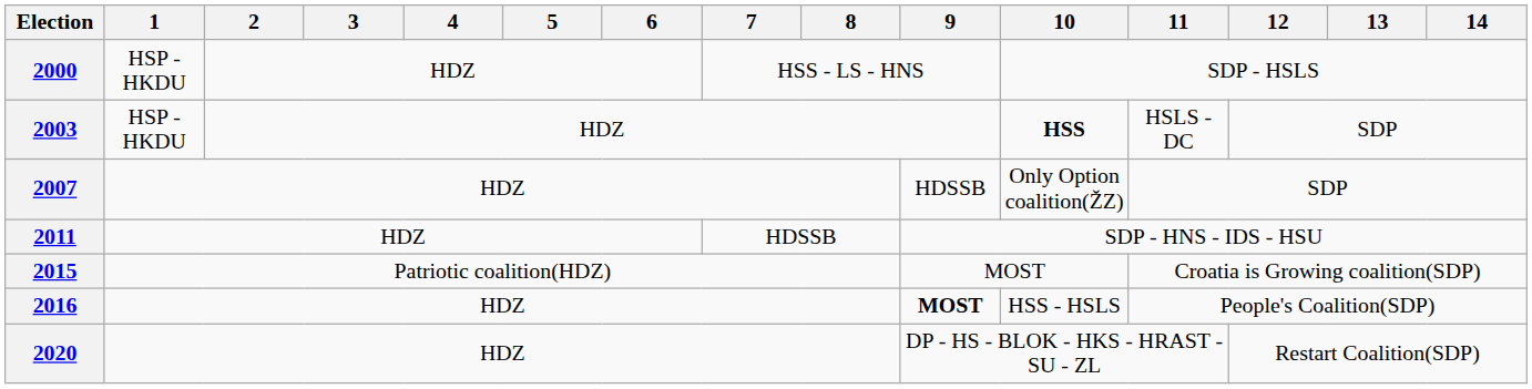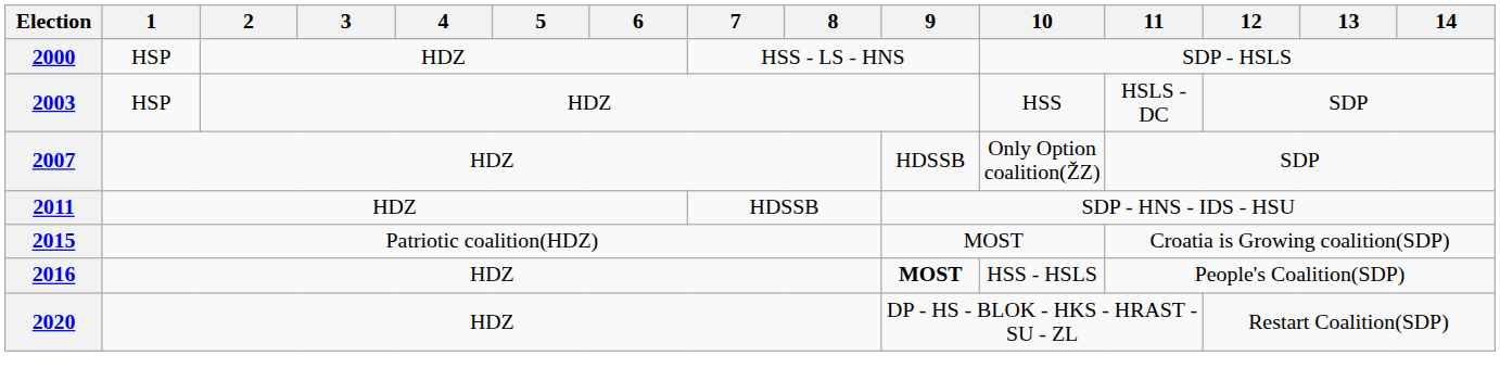 <table class=wikitable style="text-align: center;">
 <tr>
 <th style="width: 65px;">Election</th>
 <th style="width: 65px;">1</th>
 <th style="width: 65px;">2</th>
 <th style="width: 65px;">3</th>
 <th style="width: 65px;">4</th>
 <th style="width: 65px;">5</th>
 <th style="width: 65px;">6</th>
 <th style="width: 65px;">7</th>
 <th style="width: 65px;">8</th>
 <th style="width: 65px;">9</th>
 <th style="width: 65px;">10</th>
 <th style="width: 65px;">11</th>
 <th style="width: 65px;">12</th>
 <th style="width: 65px;">13</th>
 <th style="width: 65px;">14</th>
 </tr>
 <tr>
 <th><a href='#'>2000</a></th>
-<td style="background:">HSP - HKDU</td>
+<td style="background:">HSP</td>
 <td colspan=5 style="background:">HDZ</td>
 <td colspan=3 style="background:">HSS - LS - HNS</td>
 <td colspan=5 style="background:">SDP - HSLS</td>
 </tr>
 <tr>
 <th><a href='#'>2003</a></th>
-<td style="background:">HSP - HKDU</td>
+<td style="background:">HSP</td>
 <td colspan=8 style="background:">HDZ</td>
-<td style="background:"><strong>HSS</strong></td>
+<td style="background:">HSS</td>
 <td style="background:">HSLS - DC</td>
 <td colspan=3 style="background:">SDP</td>
 </tr>
 <tr>
 <th><a href='#'>2007</a></th>
 <td colspan=8 style="background:">HDZ</td>
 <td style="background:">HDSSB</td>
 <td style="background:">Only Option coalition(ŽZ)</td>
 <td colspan=4 style="background:">SDP</td>
 </tr>
 <tr>
 <th><a href='#'>2011</a></th>
 <td colspan=6 style="background:">HDZ</td>
 <td colspan=2 style="background:">HDSSB</td>
 <td colspan=6 style="background:">SDP - HNS - IDS - HSU</td>
 </tr>
 <tr>
 <th><a href='#'>2015</a></th>
 <td colspan=8 style="background:">Patriotic coalition(HDZ)</td>
 <td colspan=2 style="background:">MOST</td>
 <td colspan=4 style="background:">Croatia is Growing coalition(SDP)</td>
 </tr>
 <tr>
 <th><a href='#'>2016</a></th>
 <td colspan=8 style="background:">HDZ</td>
 <td style="background:"><strong>MOST</strong></td>
 <td style="background:">HSS - HSLS</td>
 <td colspan=4 style="background:">People's Coalition(SDP)</td>
 </tr>
 <tr>
 <th><a href='#'>2020</a></th>
 <td colspan=8 style="background:">HDZ</td>
 <td colspan=3 style="background:">DP - HS - BLOK - HKS - HRAST - SU - ZL</td>
 <td colspan=3 style="background:">Restart Coalition(SDP)</td>
 </tr>
 </table>
